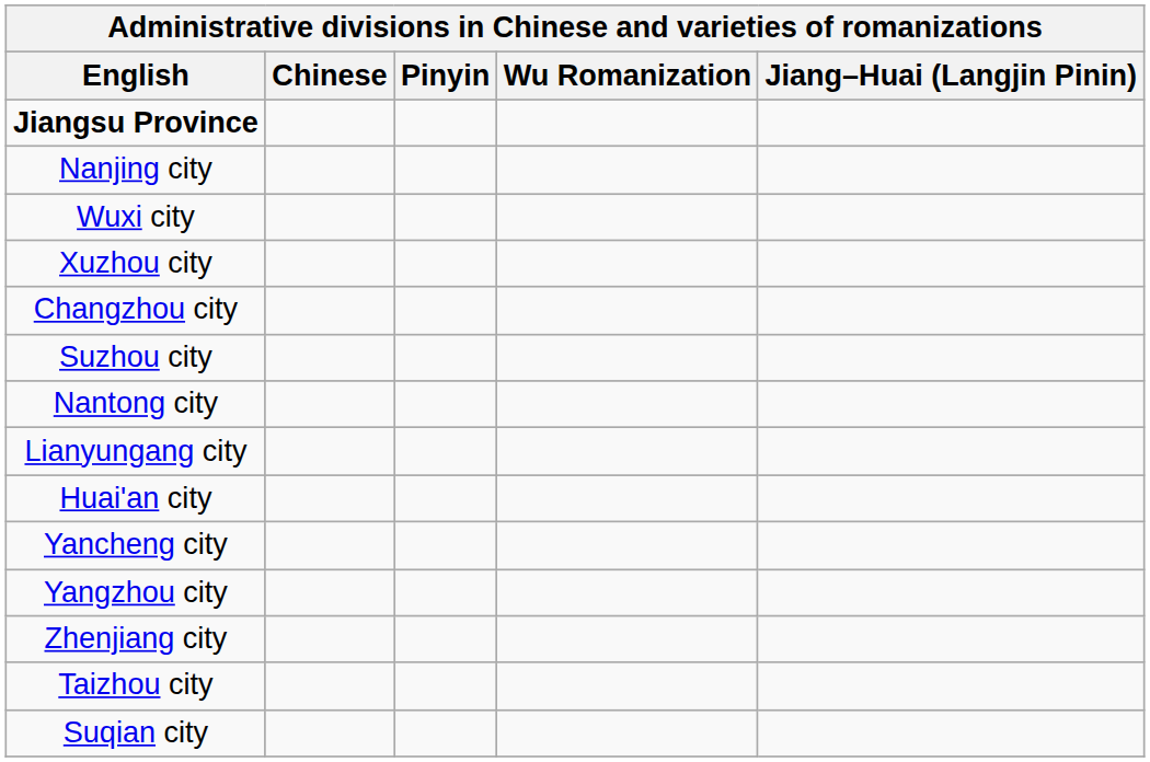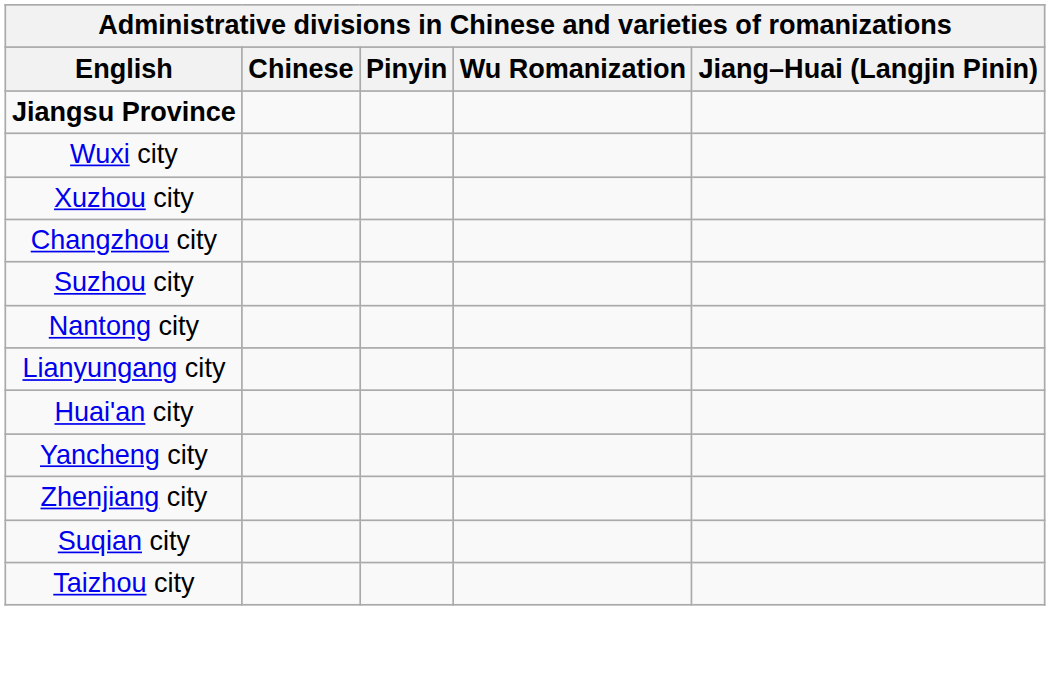 <table class="wikitable sortable collapsible collapsed" style="text-font:90%; width:auto; text-align:center; margin-left: auto; margin-right: auto;">
 <tr>
 <th colspan="5">Administrative divisions in Chinese and varieties of romanizations</th>
 </tr>
 <tr>
 <th>English</th>
 <th>Chinese</th>
 <th>Pinyin</th>
 <th>Wu Romanization</th>
 <th>Jiang–Huai (Langjin Pinin)</th>
 </tr>
 <tr>
 <td><strong>Jiangsu Province</strong></td>
-<td></td>
-<td></td>
-<td></td>
-<td></td>
-</tr>
-<tr>
-<td><a href='#'>Nanjing</a> city</td>
 <td></td>
 <td></td>
 <td></td>
 <td></td>
 </tr>
 <tr>
 <td><a href='#'>Wuxi</a> city</td>
 <td></td>
 <td></td>
 <td></td>
 <td></td>
 </tr>
 <tr>
 <td><a href='#'>Xuzhou</a> city</td>
 <td></td>
 <td></td>
 <td></td>
 <td></td>
 </tr>
 <tr>
 <td><a href='#'>Changzhou</a> city</td>
 <td></td>
 <td></td>
 <td></td>
 <td></td>
 </tr>
 <tr>
 <td><a href='#'>Suzhou</a> city</td>
 <td></td>
 <td></td>
 <td></td>
 <td></td>
 </tr>
 <tr>
 <td><a href='#'>Nantong</a> city</td>
 <td></td>
 <td></td>
 <td></td>
 <td></td>
 </tr>
 <tr>
 <td><a href='#'>Lianyungang</a> city</td>
 <td></td>
 <td></td>
 <td></td>
 <td></td>
 </tr>
 <tr>
 <td><a href='#'>Huai'an</a> city</td>
 <td></td>
 <td></td>
 <td></td>
 <td></td>
 </tr>
 <tr>
 <td><a href='#'>Yancheng</a> city</td>
 <td></td>
 <td></td>
 <td></td>
 <td></td>
 </tr>
 <tr>
-<td><a href='#'>Yangzhou</a> city</td>
+<td><a href='#'>Zhenjiang</a> city</td>
 <td></td>
 <td></td>
 <td></td>
 <td></td>
 </tr>
 <tr>
-<td><a href='#'>Zhenjiang</a> city</td>
+<td><a href='#'>Suqian</a> city</td>
 <td></td>
 <td></td>
 <td></td>
 <td></td>
 </tr>
 <tr>
 <td><a href='#'>Taizhou</a> city</td>
 <td></td>
 <td></td>
 <td></td>
 <td></td>
 </tr>
-<tr>
-<td><a href='#'>Suqian</a> city</td>
-<td></td>
-<td></td>
-<td></td>
-<td></td>
-</tr>
 </table>
